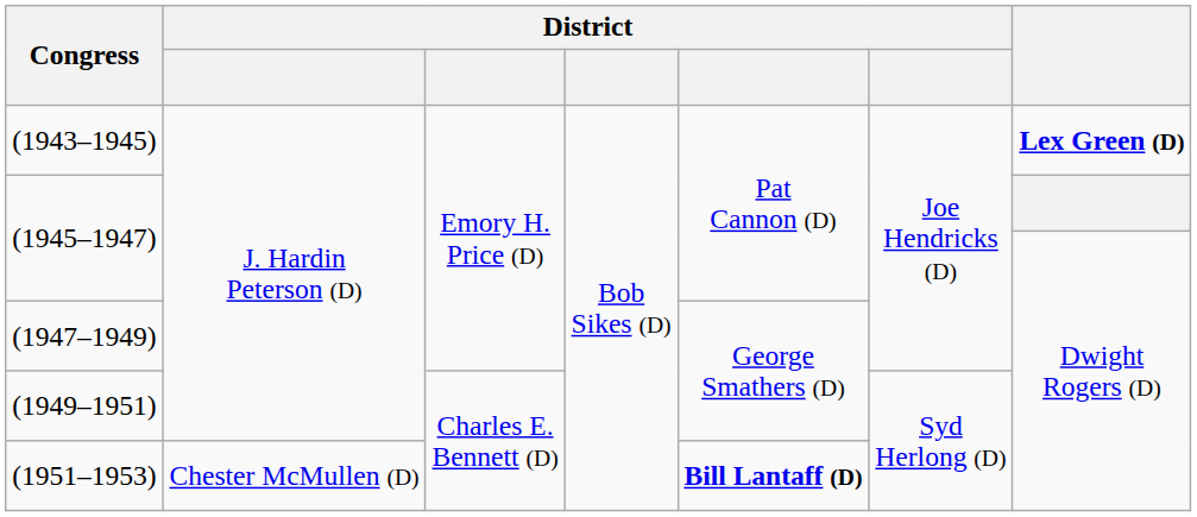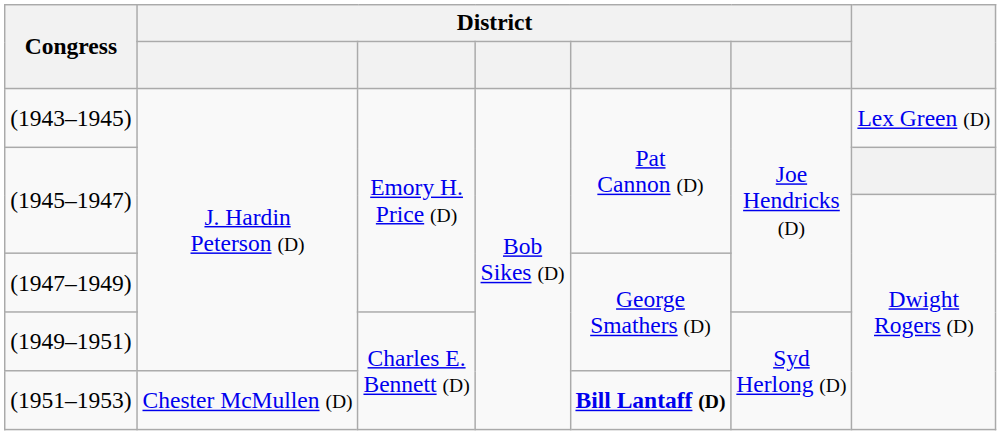 <table class=wikitable style="text-align:center">
 <tr>
 <th rowspan=2>Congress</th>
 <th colspan=5>District</th>
 <th rowspan=2></th>
 </tr>
 <tr style="height:2em">
 <th></th>
 <th></th>
 <th></th>
 <th></th>
 <th></th>
 </tr>
 <tr style="height:2.5em">
 <td><strong></strong> (1943–1945)</td>
 <td rowspan=5 ><a href='#'>J. Hardin<br>Peterson</a> <small>(D)</small></td>
 <td rowspan=4 ><a href='#'>Emory H.<br>Price</a> <small>(D)</small></td>
 <td rowspan=6 ><a href='#'>Bob<br>Sikes</a> <small>(D)</small></td>
 <td rowspan=3 ><a href='#'>Pat<br>Cannon</a> <small>(D)</small></td>
 <td rowspan=4 ><a href='#'>Joe<br>Hendricks</a><br><small>(D)</small></td>
-<td><strong><a href='#'>Lex Green</a> <small>(D)</small></strong></td>
+<td><a href='#'>Lex Green</a> <small>(D)</small></td>
 </tr>
 <tr style="height:2em">
 <td rowspan=2><strong></strong> (1945–1947)</td>
 <th></th>
 </tr>
 <tr style="height:2.5em">
 <td rowspan=4 ><a href='#'>Dwight<br>Rogers</a> <small>(D)</small></td>
 </tr>
 <tr style="height:2.5em">
 <td><strong></strong> (1947–1949)</td>
 <td rowspan=2 ><a href='#'>George<br>Smathers</a> <small>(D)</small></td>
 </tr>
 <tr style="height:2.5em">
 <td><strong></strong> (1949–1951)</td>
 <td rowspan=2 ><a href='#'>Charles E.<br>Bennett</a> <small>(D)</small></td>
 <td rowspan=2 ><a href='#'>Syd<br>Herlong</a> <small>(D)</small></td>
 </tr>
 <tr style="height:2.5em">
 <td><strong></strong> (1951–1953)</td>
 <td><a href='#'>Chester McMullen</a> <small>(D)</small></td>
 <td><strong><a href='#'>Bill Lantaff</a> <small>(D)</small></strong></td>
 </tr>
 </table>
